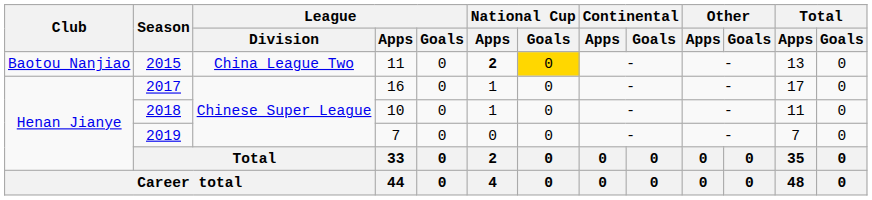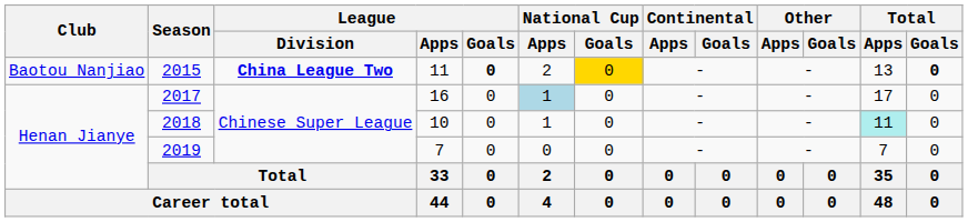 <table class="wikitable" style="text-align: center">
 <tr>
 <th rowspan="2">Club</th>
 <th rowspan="2">Season</th>
 <th colspan="3">League</th>
 <th colspan="2">National Cup</th>
 <th colspan="2">Continental</th>
 <th colspan="2">Other</th>
 <th colspan="2">Total</th>
 </tr>
 <tr>
 <th>Division</th>
 <th>Apps</th>
 <th>Goals</th>
 <th>Apps</th>
 <th>Goals</th>
 <th>Apps</th>
 <th>Goals</th>
 <th>Apps</th>
 <th>Goals</th>
 <th>Apps</th>
 <th>Goals</th>
 </tr>
 <tr>
 <td><a href='#'>Baotou Nanjiao</a></td>
 <td><a href='#'>2015</a></td>
-<td><a href='#'>China League Two</a></td>
+<td><strong><a href='#'>China League Two</a></strong></td>
 <td>11</td>
-<td>0</td>
-<td><strong>2</strong></td>
+<td><strong>0</strong></td>
+<td>2</td>
 <td style="background: gold;">0</td>
 <td colspan="2">-</td>
 <td colspan="2">-</td>
 <td>13</td>
-<td>0</td>
+<td><strong>0</strong></td>
 </tr>
 <tr>
 <td rowspan="4"><a href='#'>Henan Jianye</a></td>
 <td><a href='#'>2017</a></td>
 <td rowspan="3"><a href='#'>Chinese Super League</a></td>
 <td>16</td>
 <td>0</td>
-<td>1</td>
+<td style="background: lightblue;">1</td>
 <td>0</td>
 <td colspan="2">-</td>
 <td colspan="2">-</td>
 <td>17</td>
 <td>0</td>
 </tr>
 <tr>
 <td><a href='#'>2018</a></td>
 <td>10</td>
 <td>0</td>
 <td>1</td>
 <td>0</td>
 <td colspan="2">-</td>
 <td colspan="2">-</td>
-<td>11</td>
+<td style="background: paleturquoise;">11</td>
 <td>0</td>
 </tr>
 <tr>
 <td><a href='#'>2019</a></td>
 <td>7</td>
 <td>0</td>
 <td>0</td>
 <td>0</td>
 <td colspan="2">-</td>
 <td colspan="2">-</td>
 <td>7</td>
 <td>0</td>
 </tr>
 <tr>
 <th colspan="2"><strong>Total</strong></th>
 <th>33</th>
 <th>0</th>
 <th>2</th>
 <th>0</th>
 <th>0</th>
 <th>0</th>
 <th>0</th>
 <th>0</th>
 <th>35</th>
 <th>0</th>
 </tr>
 <tr>
 <th colspan=3>Career total</th>
 <th>44</th>
 <th>0</th>
 <th>4</th>
 <th>0</th>
 <th>0</th>
 <th>0</th>
 <th>0</th>
 <th>0</th>
 <th>48</th>
 <th>0</th>
 </tr>
 </table>
